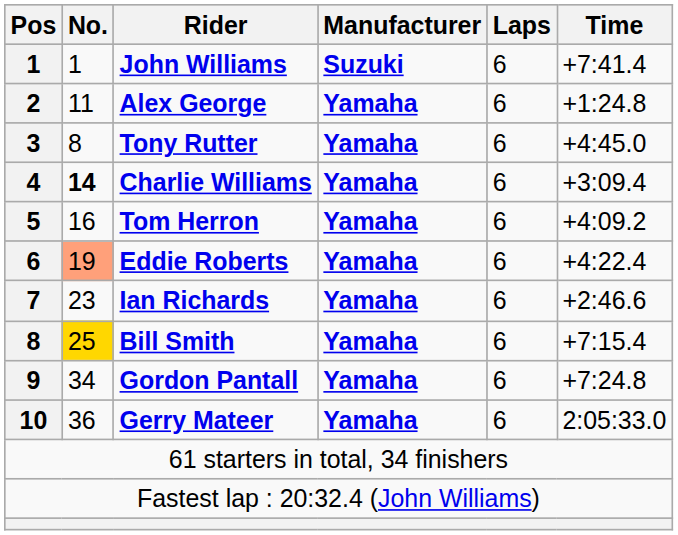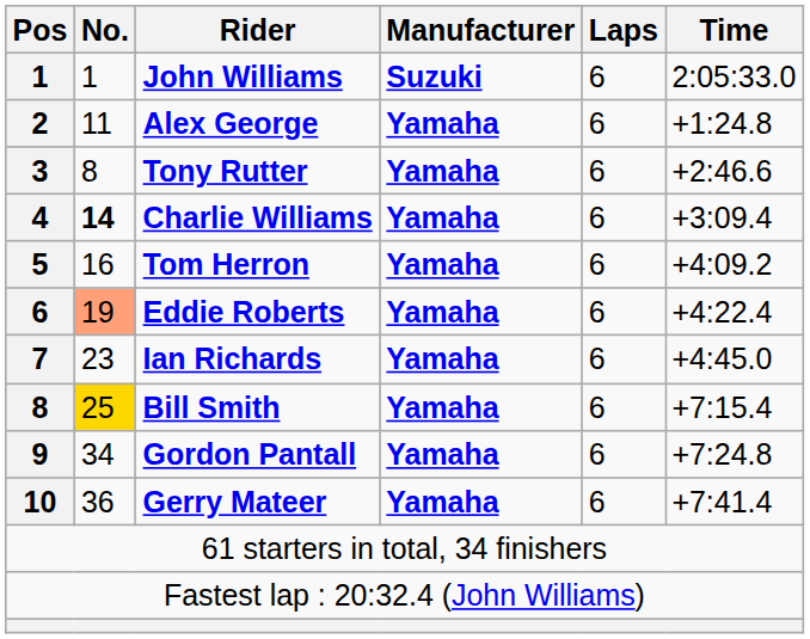 <table class="wikitable" style="font-size: 95%;">
 <tr>
 <th>Pos</th>
 <th>No.</th>
 <th>Rider</th>
 <th>Manufacturer</th>
 <th>Laps</th>
 <th>Time</th>
 </tr>
 <tr>
 <th>1</th>
 <td>1</td>
 <td> <strong><a href='#'>John Williams</a></strong></td>
 <td><strong><a href='#'>Suzuki</a></strong></td>
 <td>6</td>
-<td>+7:41.4</td>
+<td>2:05:33.0</td>
 </tr>
 <tr>
 <th>2</th>
 <td>11</td>
 <td> <strong><a href='#'>Alex George</a></strong></td>
 <td><strong><a href='#'>Yamaha</a></strong></td>
 <td>6</td>
 <td>+1:24.8</td>
 </tr>
 <tr>
 <th>3</th>
 <td>8</td>
 <td> <strong><a href='#'>Tony Rutter</a></strong></td>
 <td><strong><a href='#'>Yamaha</a></strong></td>
 <td>6</td>
-<td>+4:45.0</td>
+<td>+2:46.6</td>
 </tr>
 <tr>
 <th>4</th>
 <td><strong>14</strong></td>
 <td> <strong><a href='#'>Charlie Williams</a></strong></td>
 <td><strong><a href='#'>Yamaha</a></strong></td>
 <td>6</td>
 <td>+3:09.4</td>
 </tr>
 <tr>
 <th>5</th>
 <td>16</td>
 <td> <strong><a href='#'>Tom Herron</a></strong></td>
 <td><strong><a href='#'>Yamaha</a></strong></td>
 <td>6</td>
 <td>+4:09.2</td>
 </tr>
 <tr>
 <th>6</th>
 <td style="background: lightsalmon;">19</td>
 <td> <strong><a href='#'>Eddie Roberts</a></strong></td>
 <td><strong><a href='#'>Yamaha</a></strong></td>
 <td>6</td>
 <td>+4:22.4</td>
 </tr>
 <tr>
 <th>7</th>
 <td>23</td>
 <td> <strong><a href='#'>Ian Richards</a></strong></td>
 <td><strong><a href='#'>Yamaha</a></strong></td>
 <td>6</td>
-<td>+2:46.6</td>
+<td>+4:45.0</td>
 </tr>
 <tr>
 <th>8</th>
 <td style="background: gold;">25</td>
 <td> <strong><a href='#'>Bill Smith</a></strong></td>
 <td><strong><a href='#'>Yamaha</a></strong></td>
 <td>6</td>
 <td>+7:15.4</td>
 </tr>
 <tr>
 <th>9</th>
 <td>34</td>
 <td> <strong><a href='#'>Gordon Pantall</a></strong></td>
 <td><strong><a href='#'>Yamaha</a></strong></td>
 <td>6</td>
 <td>+7:24.8</td>
 </tr>
 <tr>
 <th>10</th>
 <td>36</td>
 <td> <strong><a href='#'>Gerry Mateer</a></strong></td>
 <td><strong><a href='#'>Yamaha</a></strong></td>
 <td>6</td>
-<td>2:05:33.0</td>
+<td>+7:41.4</td>
 </tr>
 <tr>
 <td colspan=6 align=center>61 starters in total, 34 finishers</td>
 </tr>
 <tr>
 <td colspan=6 align=center>Fastest lap : 20:32.4 (<a href='#'>John Williams</a>)</td>
 </tr>
 <tr>
 <th colspan=6></th>
 </tr>
 </table>
